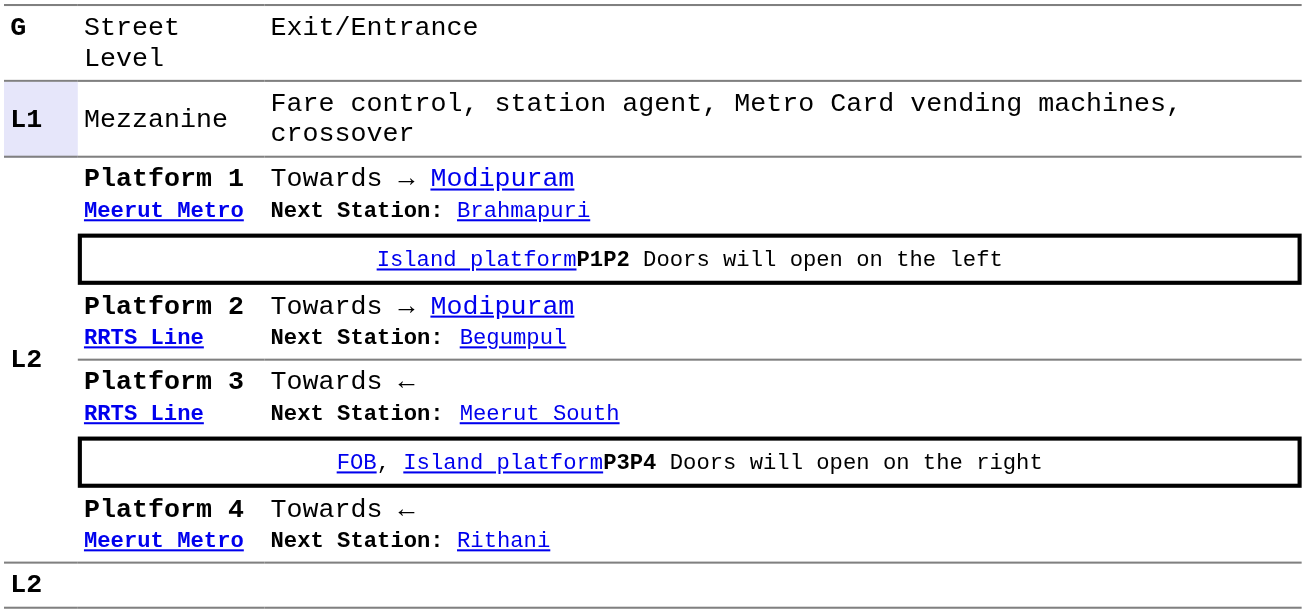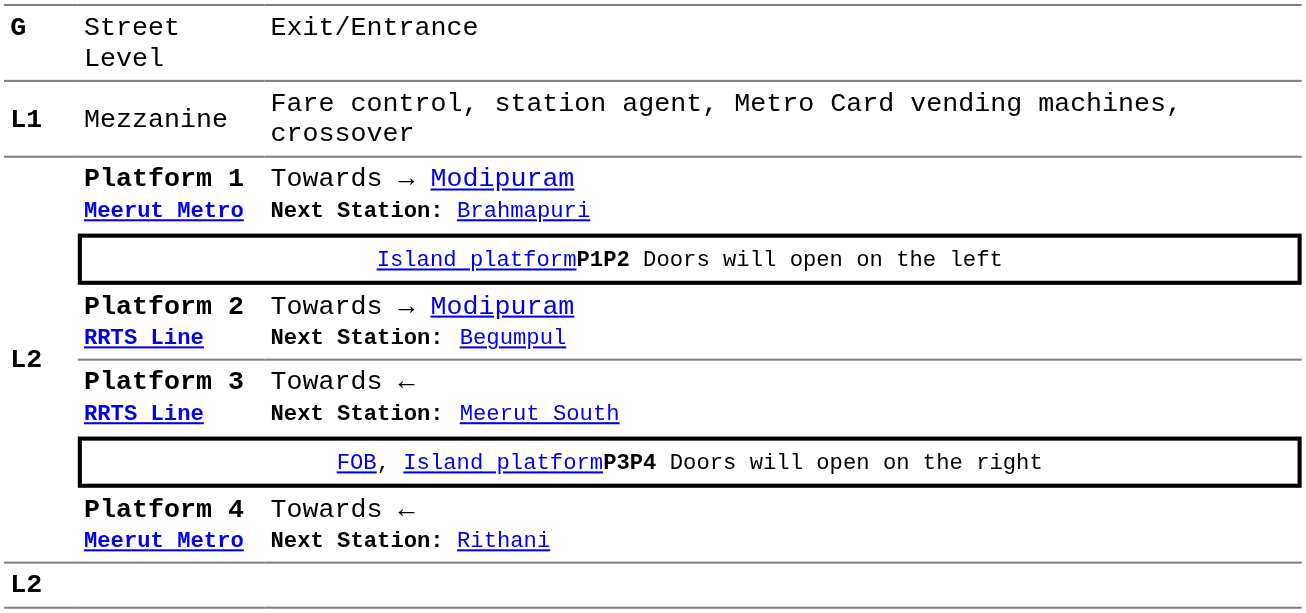 <table cellpadding="3" cellspacing="0" border="0">
 <tr>
 <td valign="top" width="30" style="border-top:solid 1px gray;border-bottom:solid 1px gray;"><strong>G</strong></td>
 <td valign="top" width="85" style="border-top:solid 1px gray;border-bottom:solid 1px gray;">Street Level</td>
 <td valign="top" width="500" style="border-top:solid 1px gray;border-bottom:solid 1px gray;">Exit/Entrance</td>
 </tr>
 <tr>
-<td style="background: lavender; border-bottom:solid 1px gray;"><strong>L1</strong></td>
+<td style="border-bottom:solid 1px gray;"><strong>L1</strong></td>
 <td style="border-bottom:solid 1px gray;">Mezzanine</td>
 <td style="border-bottom:solid 1px gray;">Fare control, station agent, Metro Card vending machines, crossover</td>
 </tr>
 <tr>
 <td rowspan="6" style="border-bottom:solid 1px gray;" width="30" valign="center"><strong>L2</strong></td>
 <td width="85" style="border-bottom:solid 1px white;"><span><strong>Platform 1<br><small><a href='#'>Meerut Metro</a></small></strong></span></td>
 <td width="500" style="border-bottom:solid 1px white;">Towards →  <a href='#'>Modipuram</a><br><small><strong>Next Station:</strong> <a href='#'>Brahmapuri</a></small></td>
 </tr>
 <tr>
 <td colspan="2" style="border-top:solid 2px black;border-right:solid 2px black;border-left:solid 2px black;border-bottom:solid 2px black;text-align:center;"><small><a href='#'>Island platform</a><strong>P1</strong><strong>P2</strong> Doors will open on the left</small></td>
 </tr>
 <tr>
 <td width="85" style="border-bottom:solid 1px gray;"><span><strong>Platform 2<br><small><a href='#'>RRTS Line</a></small></strong></span></td>
 <td width="500" style="border-bottom:solid 1px gray;">Towards →  <a href='#'>Modipuram</a><br><small><strong>Next Station:</strong></small>  <small><a href='#'>Begumpul</a></small></td>
 </tr>
 <tr>
 <td width="85" style="border-bottom:solid 1px white;"><span><strong>Platform 3<br><small><a href='#'>RRTS Line</a></small></strong></span></td>
 <td style="border-bottom:solid 1px white;" width="500">Towards ←  <br><small><strong>Next Station:</strong></small>  <small><a href='#'>Meerut South</a></small></td>
 </tr>
 <tr>
 <td colspan="2" style="border-top:solid 2px black;border-right:solid 2px black;border-left:solid 2px black;border-bottom:solid 2px black;text-align:center;"><a href='#'><small>FOB</small></a><small>, <a href='#'>Island platform</a><strong>P3</strong><strong>P4</strong> Doors will open on the right</small></td>
 </tr>
 <tr>
 <td width="85" style="border-bottom:solid 1px gray;"><span><strong>Platform 4<br><small><a href='#'>Meerut Metro</a></small></strong></span></td>
 <td style="border-bottom:solid 1px gray;" width="500">Towards ←  <br><small><strong>Next Station:</strong> <a href='#'>Rithani</a></small></td>
 </tr>
 <tr>
 <td style="border-bottom:solid 1px gray;" width=30 rowspan=2 valign=top><strong>L2</strong></td>
 <td style="border-bottom:solid 1px gray;" width=85></td>
 <td style="border-bottom:solid 1px gray;" width=500></td>
 </tr>
 <tr>
 </tr>
 </table>
